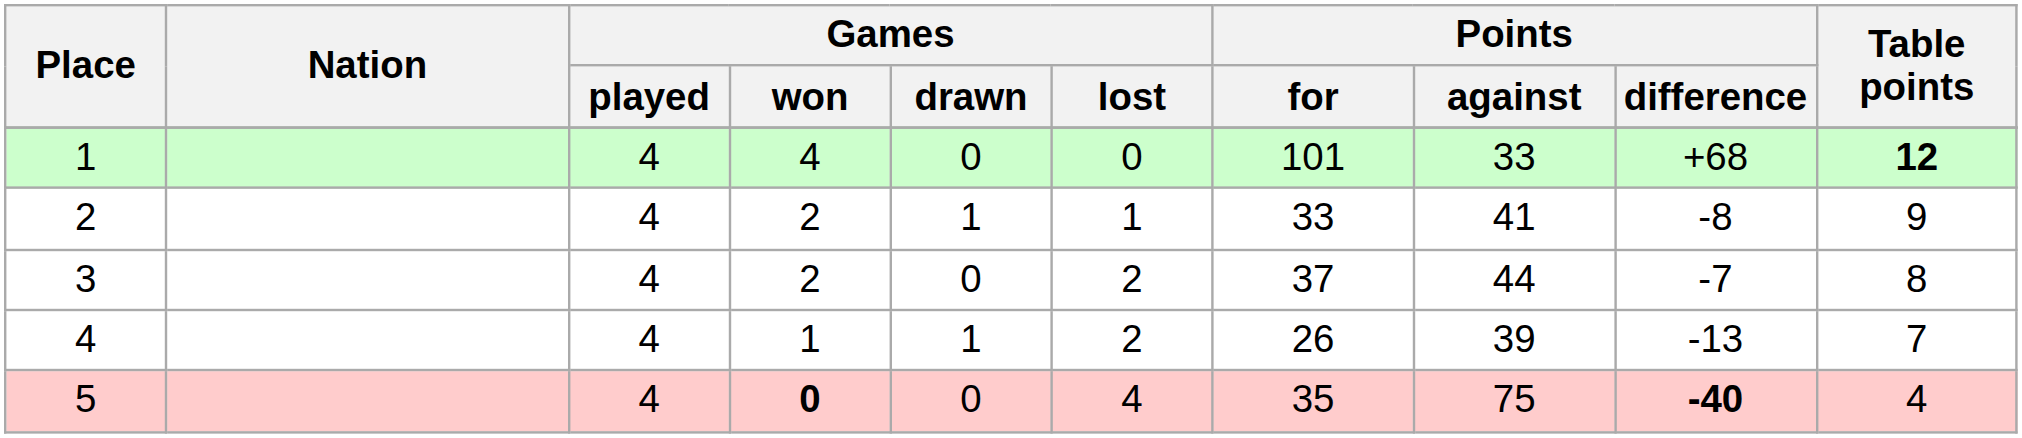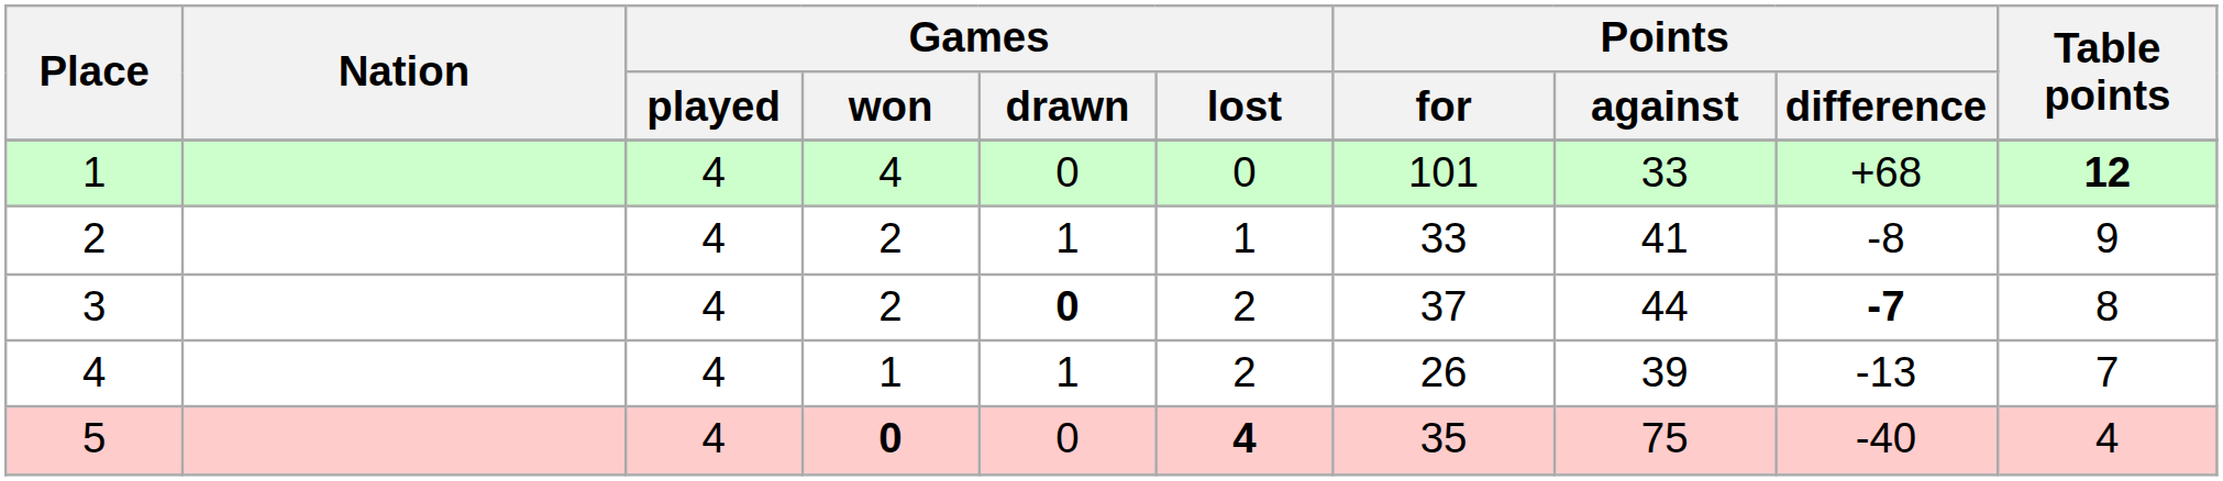 <table class="wikitable">
 <tr>
 <th rowspan=2 width="8%">Place</th>
 <th rowspan=2 width="20%">Nation</th>
 <th colspan=4 width="32%">Games</th>
 <th colspan=3 width="30%">Points</th>
 <th rowspan=2 width="10%">Table<br>points</th>
 </tr>
 <tr>
 <th width="8%">played</th>
 <th width="8%">won</th>
 <th width="8%">drawn</th>
 <th width="8%">lost</th>
 <th width="10%">for</th>
 <th width="10%">against</th>
 <th width="10%">difference</th>
 </tr>
 <tr>
 </tr>
 <tr bgcolor=#ccffcc align=center>
 <td>1</td>
 <td align=left><strong></strong></td>
 <td>4</td>
 <td>4</td>
 <td>0</td>
 <td>0</td>
 <td>101</td>
 <td>33</td>
 <td>+68</td>
 <td><strong>12</strong></td>
 </tr>
 <tr bgcolor=#ffffff align=center>
 <td>2</td>
 <td align=left></td>
 <td>4</td>
 <td>2</td>
 <td>1</td>
 <td>1</td>
 <td>33</td>
 <td>41</td>
 <td>-8</td>
 <td>9</td>
 </tr>
 <tr bgcolor=#ffffff align=center>
 <td>3</td>
 <td align=left></td>
 <td>4</td>
 <td>2</td>
-<td>0</td>
+<td><strong>0</strong></td>
 <td>2</td>
 <td>37</td>
 <td>44</td>
-<td>-7</td>
+<td><strong>-7</strong></td>
 <td>8</td>
 </tr>
 <tr bgcolor=#ffffff align=center>
 <td>4</td>
 <td align=left></td>
 <td>4</td>
 <td>1</td>
 <td>1</td>
 <td>2</td>
 <td>26</td>
 <td>39</td>
 <td>-13</td>
 <td>7</td>
 </tr>
 <tr bgcolor=#ffcccc align=center>
 <td>5</td>
 <td align=left></td>
 <td>4</td>
 <td><strong>0</strong></td>
 <td>0</td>
-<td>4</td>
+<td><strong>4</strong></td>
 <td>35</td>
 <td>75</td>
-<td><strong>-40</strong></td>
+<td>-40</td>
 <td>4</td>
 </tr>
 </table>
